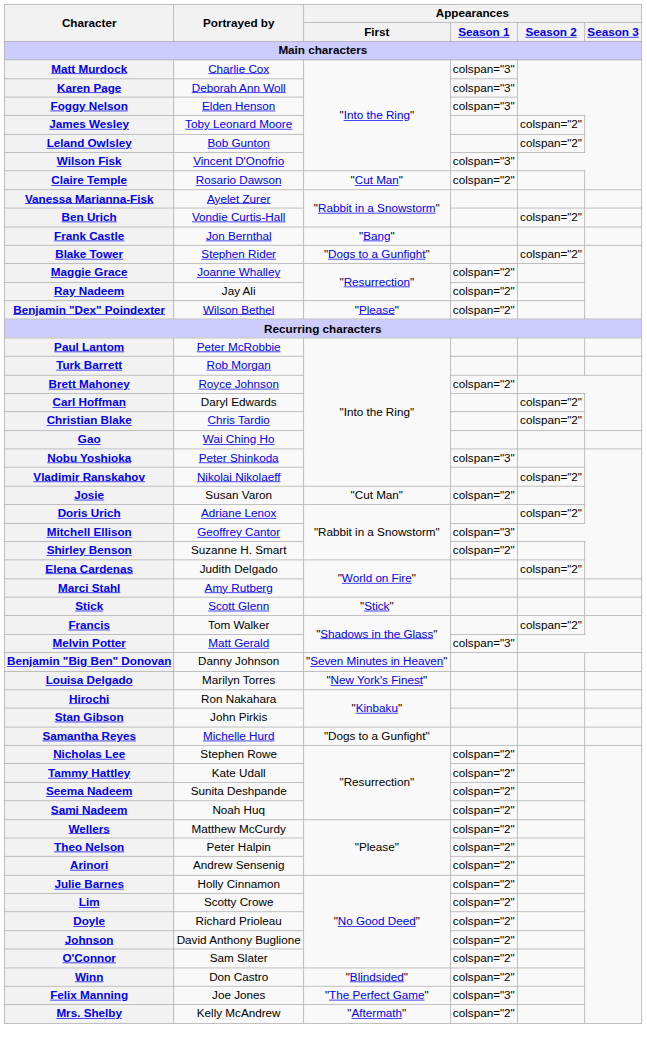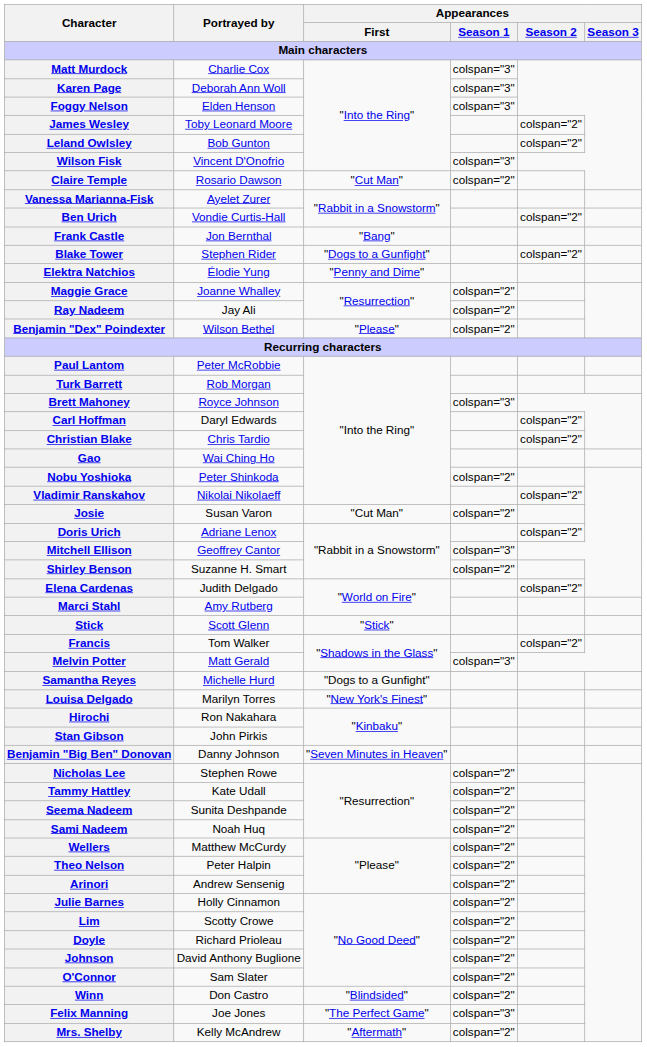 <table class="wikitable" style="text-align: center; width: auto;">
 <tr>
 <th scope="col" rowspan="2">Character</th>
 <th scope="col" rowspan="2">Portrayed by</th>
 <th scope="col" colspan="4">Appearances</th>
 </tr>
 <tr>
 <th scope="col">First</th>
 <th scope="col"><a href='#'>Season 1</a></th>
 <th scope="col"><a href='#'>Season 2</a></th>
 <th scope="col"><a href='#'>Season 3</a></th>
 </tr>
 <tr>
 <th colspan="6" style="background-color: #ccccff;">Main characters</th>
 </tr>
 <tr>
 <th scope="row"><a href='#'>Matt Murdock<br></a></th>
 <td><a href='#'>Charlie Cox</a></td>
 <td rowspan="6">"<a href='#'>Into the Ring</a>"</td>
 <td>colspan="3" </td>
 </tr>
 <tr>
 <th scope="row"><a href='#'>Karen Page</a></th>
 <td><a href='#'>Deborah Ann Woll</a></td>
 <td>colspan="3" </td>
 </tr>
 <tr>
 <th scope="row"><a href='#'>Foggy Nelson</a></th>
 <td><a href='#'>Elden Henson</a></td>
 <td>colspan="3" </td>
 </tr>
 <tr>
 <th scope="row"><a href='#'>James Wesley</a></th>
 <td><a href='#'>Toby Leonard Moore</a></td>
 <td></td>
 <td>colspan="2" </td>
 </tr>
 <tr>
 <th scope="row"><a href='#'>Leland Owlsley</a></th>
 <td><a href='#'>Bob Gunton</a></td>
 <td></td>
 <td>colspan="2" </td>
 </tr>
 <tr>
 <th scope="row"><a href='#'>Wilson Fisk<br></a></th>
 <td><a href='#'>Vincent D'Onofrio</a></td>
 <td>colspan="3" </td>
 </tr>
 <tr>
 <th scope="row"><a href='#'>Claire Temple</a></th>
 <td><a href='#'>Rosario Dawson</a></td>
 <td>"<a href='#'>Cut Man</a>"</td>
 <td>colspan="2" </td>
 <td></td>
 </tr>
 <tr>
 <th scope="row"><a href='#'>Vanessa Marianna-Fisk</a></th>
 <td><a href='#'>Ayelet Zurer</a></td>
 <td rowspan="2">"<a href='#'>Rabbit in a Snowstorm</a>"</td>
 <td></td>
 <td></td>
 <td></td>
 </tr>
 <tr>
 <th scope="row"><a href='#'>Ben Urich</a></th>
 <td><a href='#'>Vondie Curtis-Hall</a></td>
 <td></td>
 <td>colspan="2" </td>
 </tr>
 <tr>
 <th scope="row"><a href='#'>Frank Castle<br></a></th>
 <td><a href='#'>Jon Bernthal</a></td>
 <td>"<a href='#'>Bang</a>"</td>
 <td></td>
 <td></td>
 <td></td>
 </tr>
 <tr>
 <th scope="row"><a href='#'>Blake Tower</a></th>
 <td><a href='#'>Stephen Rider</a></td>
 <td>"<a href='#'>Dogs to a Gunfight</a>"</td>
 <td></td>
 <td>colspan="2" </td>
 </tr>
 <tr>
+<th scope="row"><a href='#'>Elektra Natchios</a></th>
+<td><a href='#'>Élodie Yung</a></td>
+<td>"<a href='#'>Penny and Dime</a>"</td>
+<td></td>
+<td></td>
+<td></td>
+</tr>
+<tr>
 <th scope="row"><a href='#'>Maggie Grace</a></th>
 <td><a href='#'>Joanne Whalley</a></td>
 <td rowspan="2">"<a href='#'>Resurrection</a>"</td>
 <td>colspan="2" </td>
 <td></td>
 </tr>
 <tr>
 <th scope="row"><a href='#'>Ray Nadeem</a></th>
 <td>Jay Ali</td>
 <td>colspan="2" </td>
 <td></td>
 </tr>
 <tr>
 <th scope="row"><a href='#'>Benjamin "Dex" Poindexter</a></th>
 <td><a href='#'>Wilson Bethel</a></td>
 <td>"<a href='#'>Please</a>"</td>
 <td>colspan="2" </td>
 <td></td>
 </tr>
 <tr>
 <th colspan="6" style="background-color: #ccccff;">Recurring characters</th>
 </tr>
 <tr>
 <th scope="row"><a href='#'>Paul Lantom</a></th>
 <td><a href='#'>Peter McRobbie</a></td>
 <td rowspan="8">"Into the Ring"</td>
 <td></td>
 <td></td>
 <td></td>
 </tr>
 <tr>
 <th scope="row"><a href='#'>Turk Barrett</a></th>
 <td><a href='#'>Rob Morgan</a></td>
 <td></td>
 <td></td>
 <td></td>
 </tr>
 <tr>
 <th scope="row"><a href='#'>Brett Mahoney</a></th>
 <td><a href='#'>Royce Johnson</a></td>
-<td>colspan="2" </td>
+<td>colspan="3" </td>
 </tr>
 <tr>
 <th scope="row"><a href='#'>Carl Hoffman</a></th>
 <td>Daryl Edwards</td>
 <td></td>
 <td>colspan="2" </td>
 </tr>
 <tr>
 <th scope="row"><a href='#'>Christian Blake</a></th>
 <td><a href='#'>Chris Tardio</a></td>
 <td></td>
 <td>colspan="2" </td>
 </tr>
 <tr>
 <th scope="row"><a href='#'>Gao</a></th>
 <td><a href='#'>Wai Ching Ho</a></td>
 <td></td>
 <td></td>
 <td></td>
 </tr>
 <tr>
 <th scope="row"><a href='#'>Nobu Yoshioka</a></th>
 <td><a href='#'>Peter Shinkoda</a></td>
-<td>colspan="3" </td>
+<td>colspan="2" </td>
 <td></td>
 </tr>
 <tr>
 <th scope="row"><a href='#'>Vladimir Ranskahov</a></th>
 <td><a href='#'>Nikolai Nikolaeff</a></td>
 <td></td>
 <td>colspan="2" </td>
 </tr>
 <tr>
 <th scope="row"><a href='#'>Josie</a></th>
 <td>Susan Varon</td>
 <td>"Cut Man"</td>
 <td>colspan="2" </td>
 <td></td>
 </tr>
 <tr>
 <th scope="row"><a href='#'>Doris Urich</a></th>
 <td><a href='#'>Adriane Lenox</a></td>
 <td rowspan="3">"Rabbit in a Snowstorm"</td>
 <td></td>
 <td>colspan="2" </td>
 </tr>
 <tr>
 <th scope="row"><a href='#'>Mitchell Ellison</a></th>
 <td><a href='#'>Geoffrey Cantor</a></td>
 <td>colspan="3" </td>
 </tr>
 <tr>
 <th scope="row"><a href='#'>Shirley Benson</a></th>
 <td>Suzanne H. Smart</td>
 <td>colspan="2" </td>
 <td></td>
 </tr>
 <tr>
 <th scope="row"><a href='#'>Elena Cardenas</a></th>
 <td>Judith Delgado</td>
 <td rowspan="2">"<a href='#'>World on Fire</a>"</td>
 <td></td>
 <td>colspan="2" </td>
 </tr>
 <tr>
 <th scope="row"><a href='#'>Marci Stahl</a></th>
 <td><a href='#'>Amy Rutberg</a></td>
 <td></td>
 <td></td>
 <td></td>
 </tr>
 <tr>
 <th scope="row"><a href='#'>Stick</a></th>
 <td><a href='#'>Scott Glenn</a></td>
 <td>"<a href='#'>Stick</a>"</td>
 <td></td>
 <td></td>
 <td></td>
 </tr>
 <tr>
 <th scope="row"><a href='#'>Francis</a></th>
 <td>Tom Walker</td>
 <td rowspan="2">"<a href='#'>Shadows in the Glass</a>"</td>
 <td></td>
 <td>colspan="2" </td>
 </tr>
 <tr>
 <th scope="row"><a href='#'>Melvin Potter</a></th>
 <td><a href='#'>Matt Gerald</a></td>
 <td>colspan="3" </td>
 </tr>
 <tr>
-<th scope="row"><a href='#'>Benjamin "Big Ben" Donovan</a></th>
-<td>Danny Johnson</td>
-<td>"<a href='#'>Seven Minutes in Heaven</a>"</td>
+<th scope="row"><a href='#'>Samantha Reyes</a></th>
+<td><a href='#'>Michelle Hurd</a></td>
+<td>"Dogs to a Gunfight"</td>
 <td></td>
 <td></td>
 <td></td>
 </tr>
 <tr>
 <th scope="row"><a href='#'>Louisa Delgado</a></th>
 <td>Marilyn Torres</td>
 <td>"<a href='#'>New York's Finest</a>"</td>
 <td></td>
 <td></td>
 <td></td>
 </tr>
 <tr>
 <th scope="row"><a href='#'>Hirochi</a></th>
 <td>Ron Nakahara</td>
 <td rowspan="2">"<a href='#'>Kinbaku</a>"</td>
 <td></td>
 <td></td>
 <td></td>
 </tr>
 <tr>
 <th scope="row"><a href='#'>Stan Gibson</a></th>
 <td>John Pirkis</td>
 <td></td>
 <td></td>
 <td></td>
 </tr>
 <tr>
-<th scope="row"><a href='#'>Samantha Reyes</a></th>
-<td><a href='#'>Michelle Hurd</a></td>
-<td>"Dogs to a Gunfight"</td>
+<th scope="row"><a href='#'>Benjamin "Big Ben" Donovan</a></th>
+<td>Danny Johnson</td>
+<td>"<a href='#'>Seven Minutes in Heaven</a>"</td>
 <td></td>
 <td></td>
 <td></td>
 </tr>
 <tr>
 <th scope="row"><a href='#'>Nicholas Lee</a></th>
 <td>Stephen Rowe</td>
 <td rowspan="4">"Resurrection"</td>
 <td>colspan="2" </td>
 <td></td>
 </tr>
 <tr>
 <th scope="row"><a href='#'>Tammy Hattley</a></th>
 <td>Kate Udall</td>
 <td>colspan="2" </td>
 <td></td>
 </tr>
 <tr>
 <th scope="row"><a href='#'>Seema Nadeem</a></th>
 <td>Sunita Deshpande</td>
 <td>colspan="2" </td>
 <td></td>
 </tr>
 <tr>
 <th scope="row"><a href='#'>Sami Nadeem</a></th>
 <td>Noah Huq</td>
 <td>colspan="2" </td>
 <td></td>
 </tr>
 <tr>
 <th scope="row"><a href='#'>Wellers</a></th>
 <td>Matthew McCurdy</td>
 <td rowspan="3">"Please"</td>
 <td>colspan="2" </td>
 <td></td>
 </tr>
 <tr>
 <th scope="row"><a href='#'>Theo Nelson</a></th>
 <td>Peter Halpin</td>
 <td>colspan="2" </td>
 <td></td>
 </tr>
 <tr>
 <th scope="row"><a href='#'>Arinori</a></th>
 <td>Andrew Sensenig</td>
 <td>colspan="2" </td>
 <td></td>
 </tr>
 <tr>
 <th scope="row"><a href='#'>Julie Barnes</a></th>
 <td>Holly Cinnamon</td>
 <td rowspan="5">"<a href='#'>No Good Deed</a>"</td>
 <td>colspan="2" </td>
 <td></td>
 </tr>
 <tr>
 <th scope="row"><a href='#'>Lim</a></th>
 <td>Scotty Crowe</td>
 <td>colspan="2" </td>
 <td></td>
 </tr>
 <tr>
 <th scope="row"><a href='#'>Doyle</a></th>
 <td>Richard Prioleau</td>
 <td>colspan="2" </td>
 <td></td>
 </tr>
 <tr>
 <th scope="row"><a href='#'>Johnson</a></th>
 <td>David Anthony Buglione</td>
 <td>colspan="2" </td>
 <td></td>
 </tr>
 <tr>
 <th scope="row"><a href='#'>O'Connor</a></th>
 <td>Sam Slater</td>
 <td>colspan="2" </td>
 <td></td>
 </tr>
 <tr>
 <th scope="row"><a href='#'>Winn</a></th>
 <td>Don Castro</td>
 <td>"<a href='#'>Blindsided</a>"</td>
 <td>colspan="2" </td>
 <td></td>
 </tr>
 <tr>
 <th scope="row"><a href='#'>Felix Manning</a></th>
 <td>Joe Jones</td>
 <td>"<a href='#'>The Perfect Game</a>"</td>
 <td>colspan="3" </td>
 <td></td>
 </tr>
 <tr>
 <th scope="row"><a href='#'>Mrs. Shelby</a></th>
 <td>Kelly McAndrew</td>
 <td>"<a href='#'>Aftermath</a>"</td>
 <td>colspan="2" </td>
 <td></td>
 </tr>
 </table>
